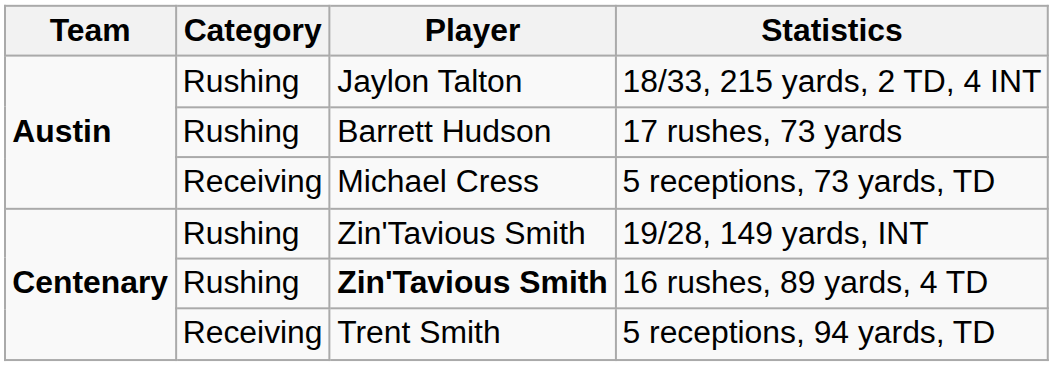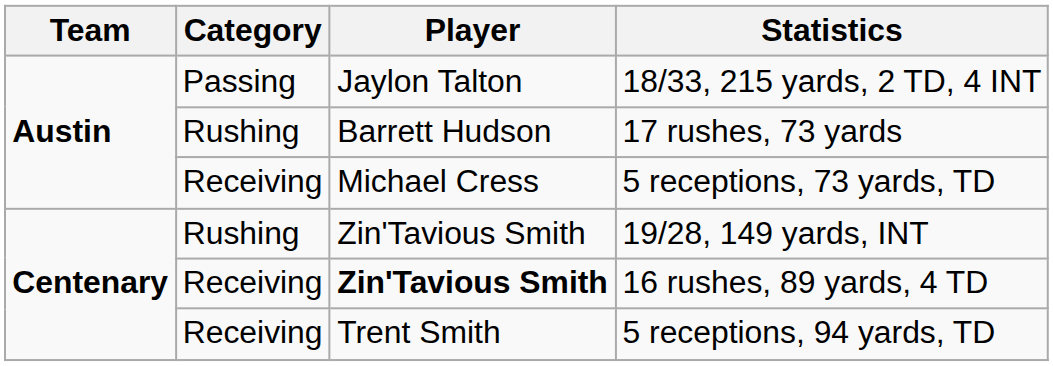 <table class="wikitable" style="float: left;">
 <tr>
 <th>Team</th>
 <th>Category</th>
 <th>Player</th>
 <th>Statistics</th>
 </tr>
 <tr>
 <td rowspan=3><strong>Austin</strong></td>
-<td>Rushing</td>
+<td>Passing</td>
 <td>Jaylon Talton</td>
 <td>18/33, 215 yards, 2 TD, 4 INT</td>
 </tr>
 <tr>
 <td>Rushing</td>
 <td>Barrett Hudson</td>
 <td>17 rushes, 73 yards</td>
 </tr>
 <tr>
 <td>Receiving</td>
 <td>Michael Cress</td>
 <td>5 receptions, 73 yards, TD</td>
 </tr>
 <tr>
 <td rowspan=3><strong>Centenary</strong></td>
 <td>Rushing</td>
 <td>Zin'Tavious Smith</td>
 <td>19/28, 149 yards, INT</td>
 </tr>
 <tr>
-<td>Rushing</td>
+<td>Receiving</td>
 <td><strong>Zin'Tavious Smith</strong></td>
 <td>16 rushes, 89 yards, 4 TD</td>
 </tr>
 <tr>
 <td>Receiving</td>
 <td>Trent Smith</td>
 <td>5 receptions, 94 yards, TD</td>
 </tr>
 </table>
